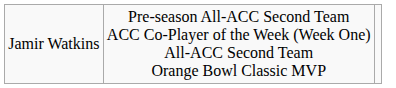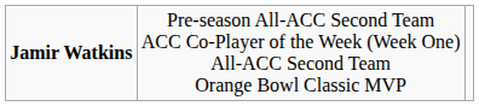 <table class="wikitable sortable" style="text-align: center">
 <tr align=center>
 </tr>
 <tr>
-<td>Jamir Watkins</td>
+<td><strong>Jamir Watkins</strong></td>
 <td>Pre-season All-ACC Second Team<br>ACC Co-Player of the Week (Week One)<br>All-ACC Second Team<br>Orange Bowl Classic MVP</td>
 <td></td>
 </tr>
 <tr>
 </tr>
 </table>
